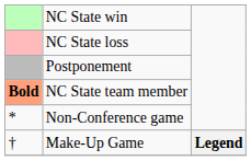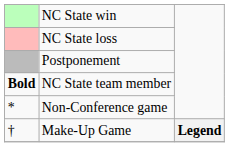 <table class="wikitable" style="font-size:90%">
 <tr>
 <td bgcolor="#bbffbb"> </td>
 <td>NC State win</td>
 </tr>
 <tr>
 <td bgcolor="#ffbbbb"> </td>
 <td>NC State loss</td>
 </tr>
 <tr>
 <td bgcolor="#bbbbbb"> </td>
 <td>Postponement</td>
 </tr>
 <tr>
-<td style="background: lightsalmon;"><strong>Bold</strong></td>
+<td><strong>Bold</strong></td>
 <td>NC State team member</td>
 </tr>
 <tr>
 <td>*</td>
 <td>Non-Conference game</td>
 </tr>
 <tr>
 <td>†</td>
 <td>Make-Up Game</td>
 <th colspan="2">Legend</th>
 </tr>
 <tr>
 </tr>
 </table>
